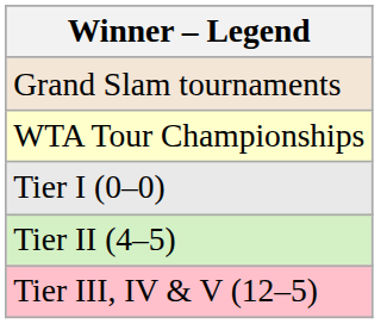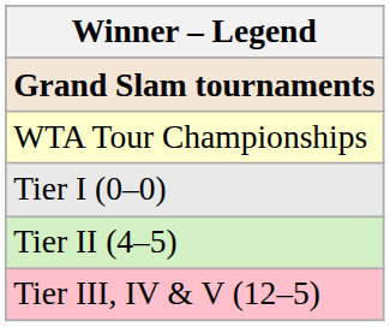 <table class="wikitable sortable">
 <tr>
 <th>Winner – Legend</th>
 </tr>
 <tr>
-<td bgcolor=f3e6d7>Grand Slam tournaments</td>
+<td bgcolor=f3e6d7><strong>Grand Slam tournaments</strong></td>
 </tr>
 <tr>
 <td bgcolor=ffffcc>WTA Tour Championships</td>
 </tr>
 <tr>
 <td bgcolor=e9e9e9>Tier I (0–0)</td>
 </tr>
 <tr>
 <td bgcolor=d4f1c5>Tier II (4–5)</td>
 </tr>
 <tr>
 <td style="background: pink;">Tier III, IV & V (12–5)</td>
 </tr>
 </table>
